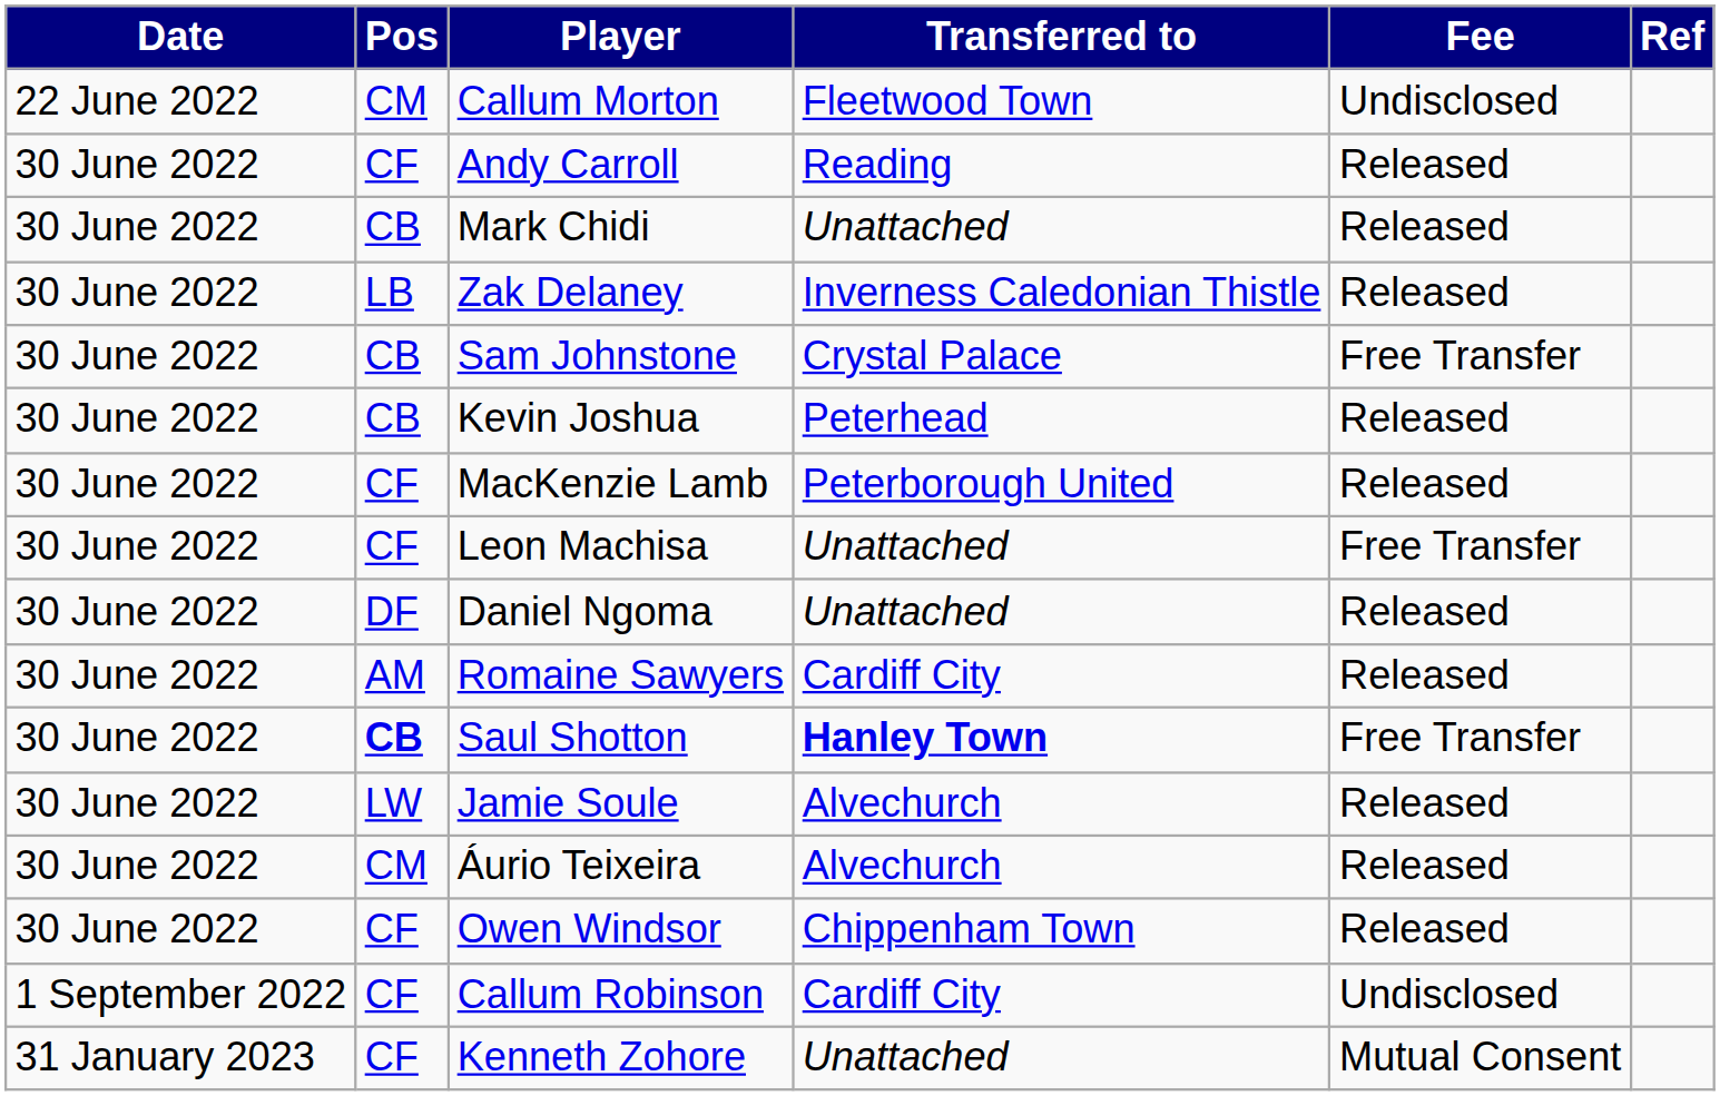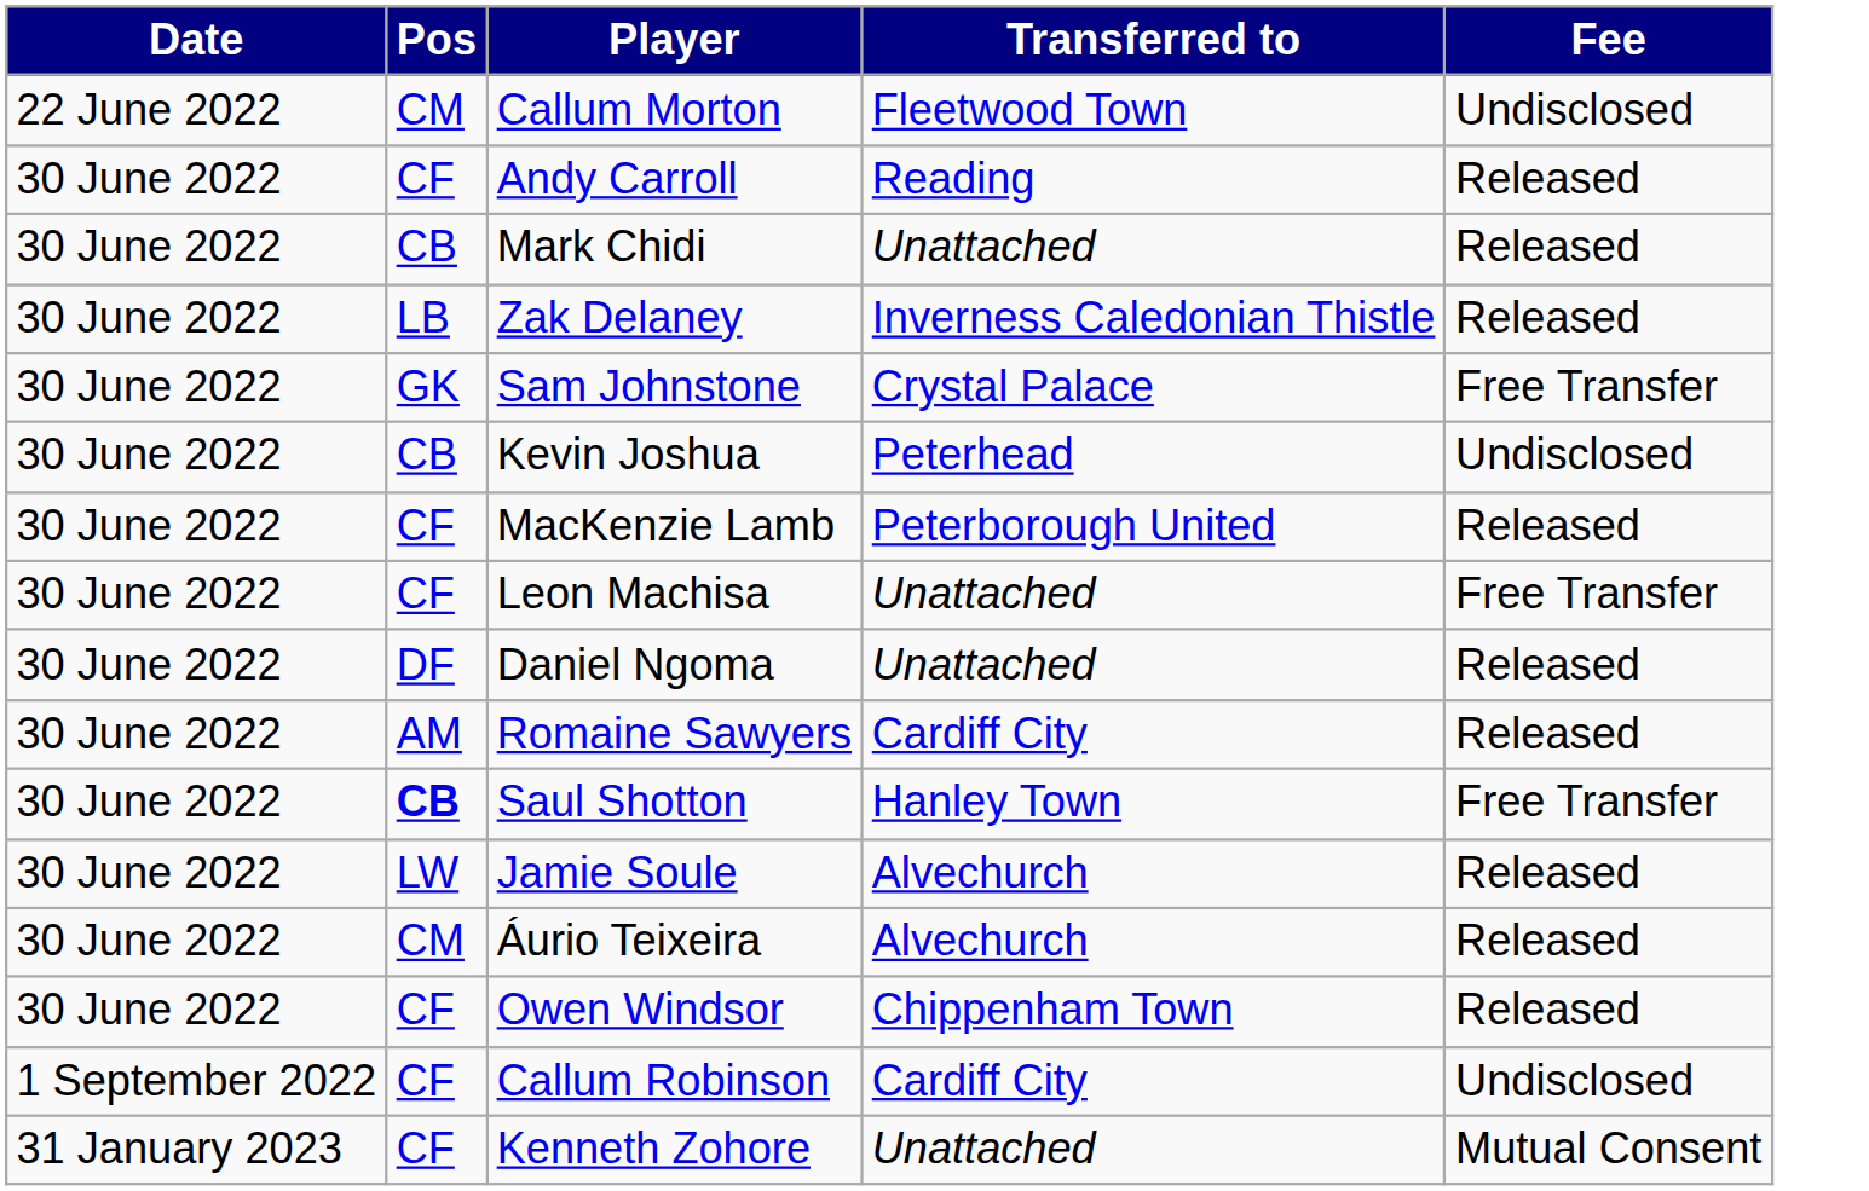 <table class="wikitable plainrowheaders sortable">
 <tr>
 <th style="background:#000080; color:#FFFFFF; ">Date</th>
 <th style="background:#000080; color:#FFFFFF; ">Pos</th>
 <th style="background:#000080; color:#FFFFFF; ">Player</th>
 <th style="background:#000080; color:#FFFFFF; ">Transferred to</th>
 <th style="background:#000080; color:#FFFFFF; ">Fee</th>
-<th style="background:#000080; color:#FFFFFF; ">Ref</th>
 </tr>
 <tr>
 <td>22 June 2022</td>
 <td><a href='#'>CM</a></td>
 <td> <a href='#'>Callum Morton</a></td>
 <td> <a href='#'>Fleetwood Town</a></td>
 <td>Undisclosed</td>
-<td></td>
 </tr>
 <tr>
 <td>30 June 2022</td>
 <td><a href='#'>CF</a></td>
 <td> <a href='#'>Andy Carroll</a></td>
 <td> <a href='#'>Reading</a></td>
 <td>Released</td>
-<td></td>
 </tr>
 <tr>
 <td>30 June 2022</td>
 <td><a href='#'>CB</a></td>
 <td> Mark Chidi</td>
 <td> <em>Unattached</em></td>
 <td>Released</td>
-<td></td>
 </tr>
 <tr>
 <td>30 June 2022</td>
 <td><a href='#'>LB</a></td>
 <td> <a href='#'>Zak Delaney</a></td>
 <td> <a href='#'>Inverness Caledonian Thistle</a></td>
 <td>Released</td>
-<td></td>
 </tr>
 <tr>
 <td>30 June 2022</td>
-<td><a href='#'>CB</a></td>
+<td><a href='#'>GK</a></td>
 <td> <a href='#'>Sam Johnstone</a></td>
 <td> <a href='#'>Crystal Palace</a></td>
 <td>Free Transfer</td>
-<td></td>
 </tr>
 <tr>
 <td>30 June 2022</td>
 <td><a href='#'>CB</a></td>
 <td> Kevin Joshua</td>
 <td> <a href='#'>Peterhead</a></td>
-<td>Released</td>
-<td></td>
+<td>Undisclosed</td>
 </tr>
 <tr>
 <td>30 June 2022</td>
 <td><a href='#'>CF</a></td>
 <td> MacKenzie Lamb</td>
 <td> <a href='#'>Peterborough United</a></td>
 <td>Released</td>
-<td></td>
 </tr>
 <tr>
 <td>30 June 2022</td>
 <td><a href='#'>CF</a></td>
 <td> Leon Machisa</td>
 <td> <em>Unattached</em></td>
 <td>Free Transfer</td>
-<td></td>
 </tr>
 <tr>
 <td>30 June 2022</td>
 <td><a href='#'>DF</a></td>
 <td> Daniel Ngoma</td>
 <td> <em>Unattached</em></td>
 <td>Released</td>
-<td></td>
 </tr>
 <tr>
 <td>30 June 2022</td>
 <td><a href='#'>AM</a></td>
 <td> <a href='#'>Romaine Sawyers</a></td>
 <td> <a href='#'>Cardiff City</a></td>
 <td>Released</td>
-<td></td>
 </tr>
 <tr>
 <td>30 June 2022</td>
 <td><strong><a href='#'>CB</a></strong></td>
 <td> <a href='#'>Saul Shotton</a></td>
-<td><strong> <a href='#'>Hanley Town</a></strong></td>
+<td> <a href='#'>Hanley Town</a></td>
 <td>Free Transfer</td>
-<td></td>
 </tr>
 <tr>
 <td>30 June 2022</td>
 <td><a href='#'>LW</a></td>
 <td> <a href='#'>Jamie Soule</a></td>
 <td> <a href='#'>Alvechurch</a></td>
 <td>Released</td>
-<td></td>
 </tr>
 <tr>
 <td>30 June 2022</td>
 <td><a href='#'>CM</a></td>
 <td> Áurio Teixeira</td>
 <td> <a href='#'>Alvechurch</a></td>
 <td>Released</td>
-<td></td>
 </tr>
 <tr>
 <td>30 June 2022</td>
 <td><a href='#'>CF</a></td>
 <td> <a href='#'>Owen Windsor</a></td>
 <td> <a href='#'>Chippenham Town</a></td>
 <td>Released</td>
-<td></td>
 </tr>
 <tr>
 <td>1 September 2022</td>
 <td><a href='#'>CF</a></td>
 <td> <a href='#'>Callum Robinson</a></td>
 <td> <a href='#'>Cardiff City</a></td>
 <td>Undisclosed</td>
-<td></td>
 </tr>
 <tr>
 <td>31 January 2023</td>
 <td><a href='#'>CF</a></td>
 <td> <a href='#'>Kenneth Zohore</a></td>
 <td> <em>Unattached</em></td>
 <td>Mutual Consent</td>
-<td></td>
 </tr>
 </table>
